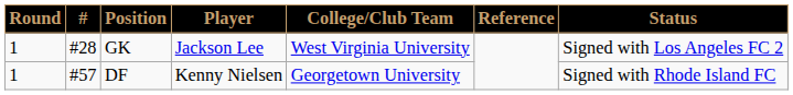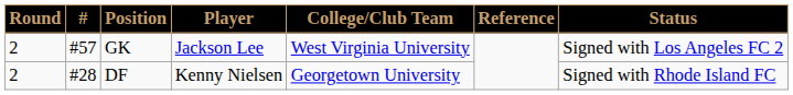 <table class="wikitable">
 <tr>
 <th style="background:#000000; color:#C39E6D; border:1px solid #C39E6D;">Round</th>
 <th style="background:#000000; color:#C39E6D; border:1px solid #C39E6D;">#</th>
 <th style="background:#000000; color:#C39E6D; border:1px solid #C39E6D;">Position</th>
 <th style="background:#000000; color:#C39E6D; border:1px solid #C39E6D;">Player</th>
 <th style="background:#000000; color:#C39E6D; border:1px solid #C39E6D;">College/Club Team</th>
 <th style="background:#000000; color:#C39E6D; border:1px solid #C39E6D;">Reference</th>
 <th style="background:#000000; color:#C39E6D; border:1px solid #C39E6D;">Status</th>
 </tr>
 <tr>
-<td>1</td>
-<td>#28</td>
+<td>2</td>
+<td>#57</td>
 <td>GK</td>
 <td> <a href='#'>Jackson Lee</a></td>
 <td><a href='#'>West Virginia University</a></td>
 <td rowspan=2 style=text:"align-center;"></td>
 <td>Signed with <a href='#'>Los Angeles FC 2</a></td>
 </tr>
 <tr>
-<td>1</td>
-<td>#57</td>
+<td>2</td>
+<td>#28</td>
 <td>DF</td>
 <td> Kenny Nielsen</td>
 <td><a href='#'>Georgetown University</a></td>
 <td>Signed with <a href='#'>Rhode Island FC</a></td>
 </tr>
 </table>
